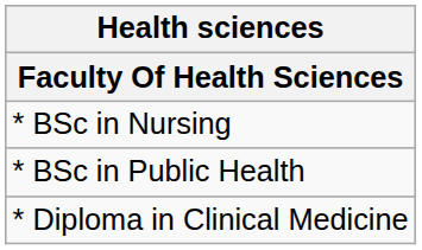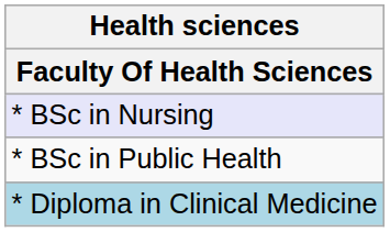 <table class="wikitable" "text-align:center">
 <tr>
 <th colspan=4>Health sciences</th>
 </tr>
 <tr>
 <th>Faculty Of Health Sciences</th>
 </tr>
 <tr>
-<td>* BSc in Nursing</td>
+<td style="background: lavender;">* BSc in Nursing</td>
 </tr>
 <tr>
 <td>* BSc in Public Health</td>
 </tr>
 <tr>
-<td>* Diploma in Clinical Medicine</td>
+<td style="background: lightblue;">* Diploma in Clinical Medicine</td>
 </tr>
 </table>
